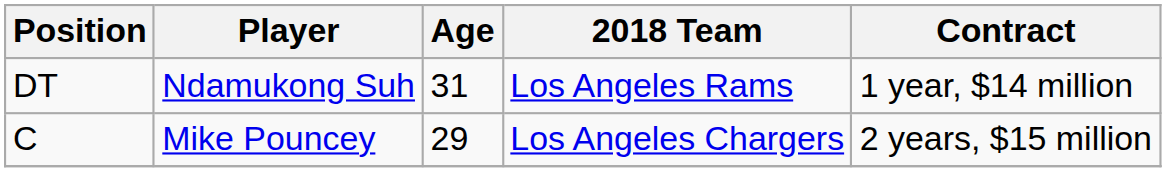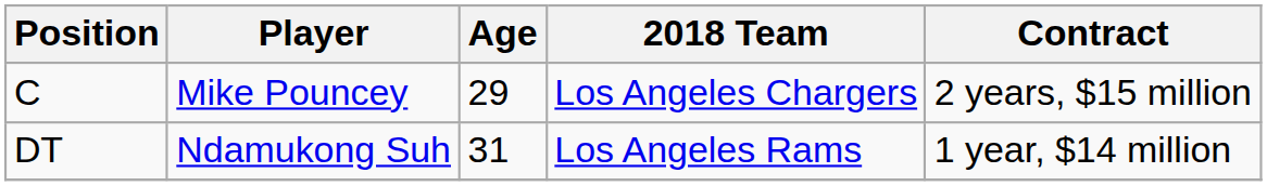 <table class="wikitable">
 <tr>
 <th>Position</th>
 <th>Player</th>
 <th>Age</th>
 <th>2018 Team</th>
 <th>Contract</th>
 </tr>
 <tr>
+<td>C</td>
+<td><a href='#'>Mike Pouncey</a></td>
+<td>29</td>
+<td><a href='#'>Los Angeles Chargers</a></td>
+<td>2 years, $15 million</td>
+</tr>
+<tr>
 <td>DT</td>
 <td><a href='#'>Ndamukong Suh</a></td>
 <td>31</td>
 <td><a href='#'>Los Angeles Rams</a></td>
 <td>1 year, $14 million</td>
 </tr>
 <tr>
-<td>C</td>
-<td><a href='#'>Mike Pouncey</a></td>
-<td>29</td>
-<td><a href='#'>Los Angeles Chargers</a></td>
-<td>2 years, $15 million</td>
-</tr>
-<tr>
 </tr>
 </table>
